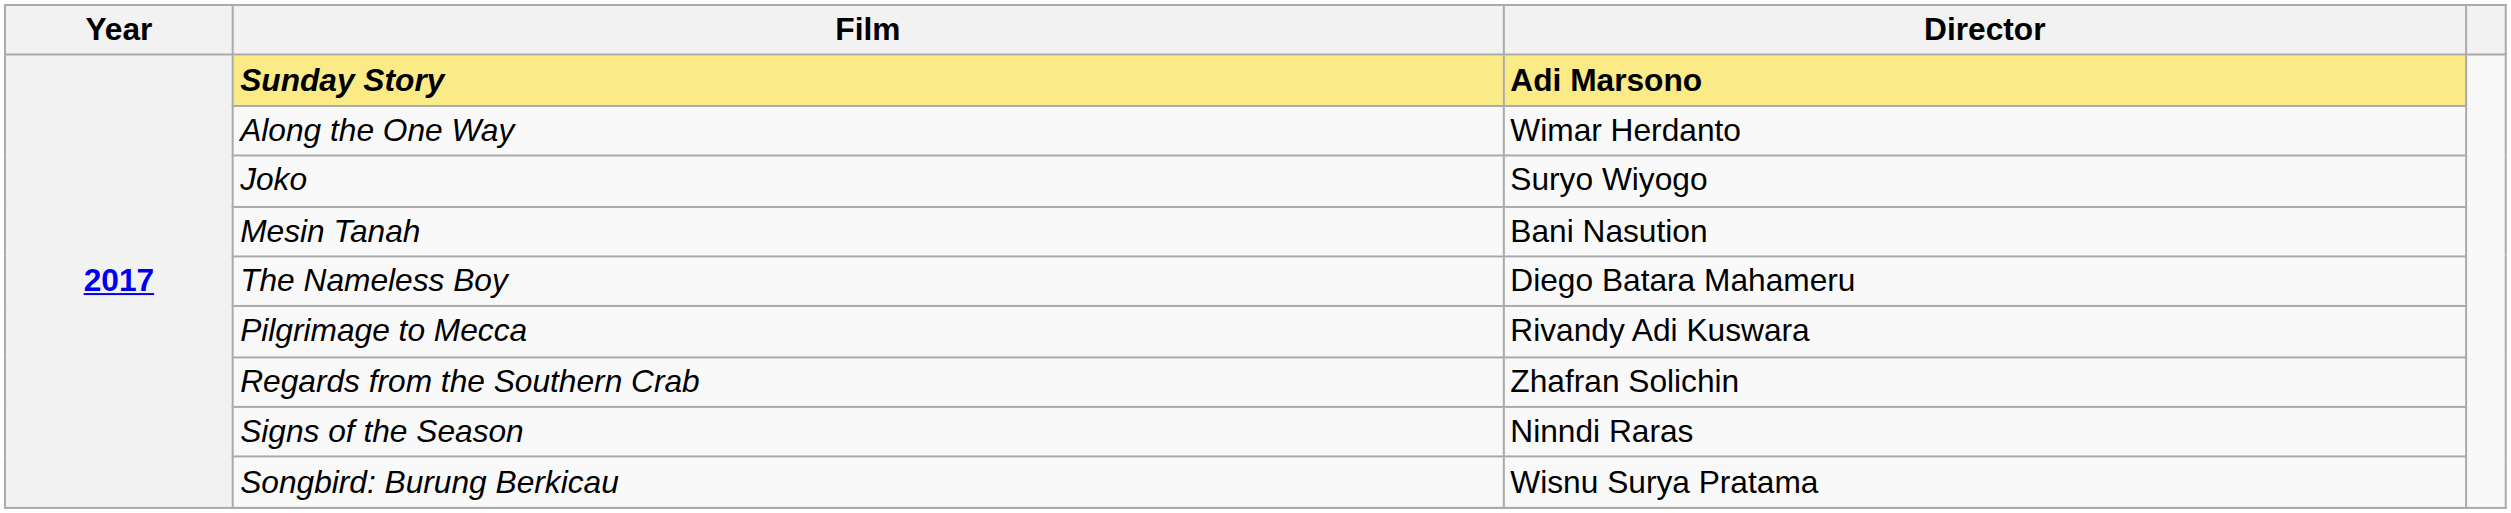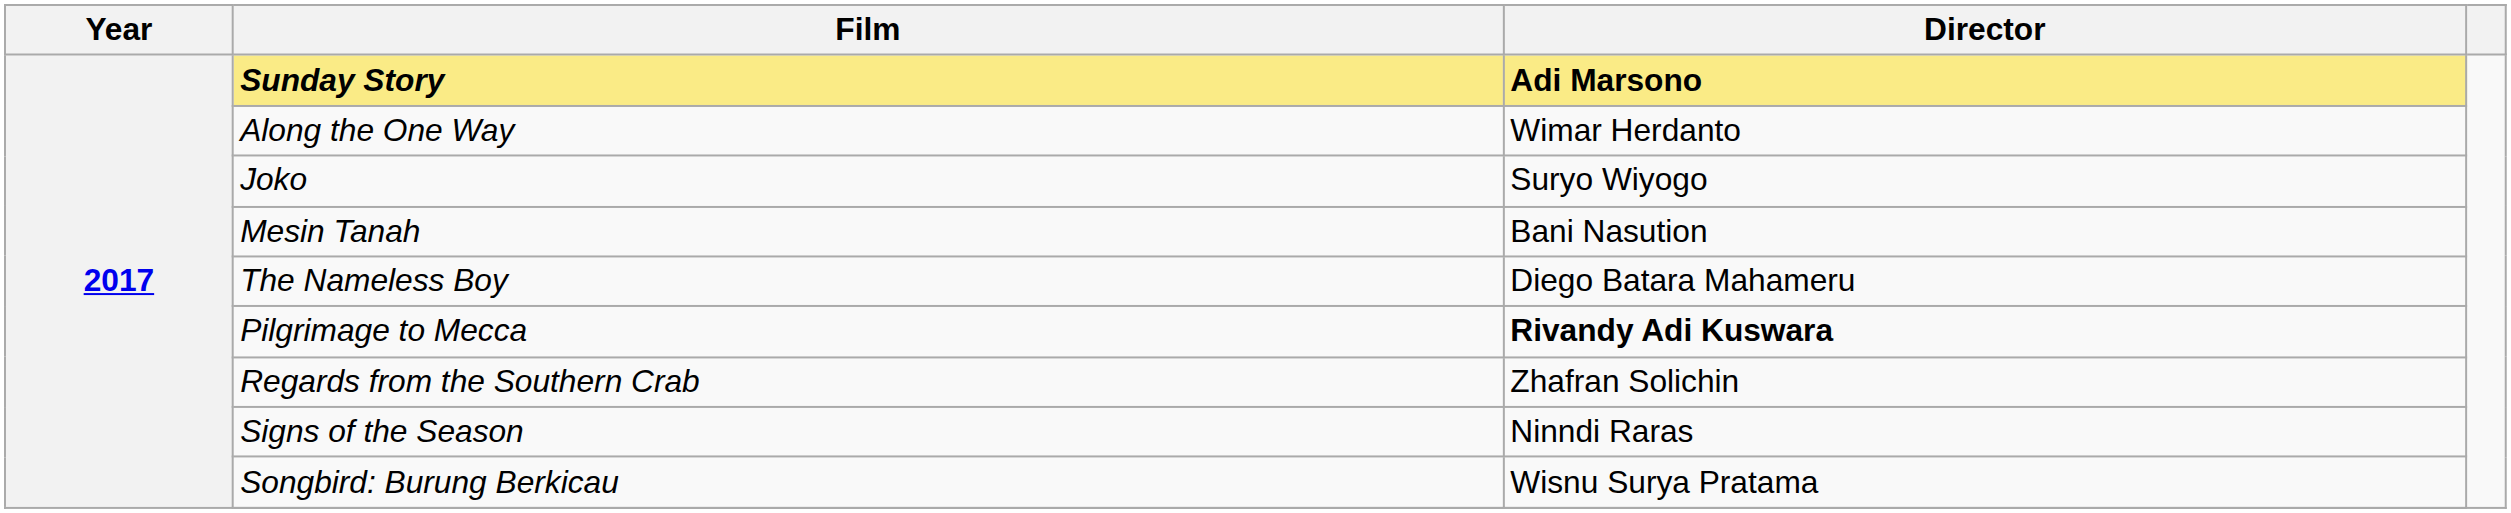 <table class="wikitable" width=100%>
 <tr>
 <th>Year</th>
 <th>Film</th>
 <th>Director</th>
 <th></th>
 </tr>
 <tr>
 <th rowspan="10"><a href='#'>2017</a></th>
 <td style="background:#FAEB86; font-weight:bold;"><em>Sunday Story</em></td>
 <td style="background:#FAEB86; font-weight:bold;">Adi Marsono</td>
 <td align="center" rowspan="10"></td>
 </tr>
 <tr>
 <td><em>Along the One Way</em></td>
 <td>Wimar Herdanto</td>
 </tr>
 <tr>
 <td><em>Joko</em></td>
 <td>Suryo Wiyogo</td>
 </tr>
 <tr>
 <td><em>Mesin Tanah</em></td>
 <td>Bani Nasution</td>
 </tr>
 <tr>
 <td><em>The Nameless Boy</em></td>
 <td>Diego Batara Mahameru</td>
 </tr>
 <tr>
 <td><em>Pilgrimage to Mecca</em></td>
-<td>Rivandy Adi Kuswara</td>
+<td><strong>Rivandy Adi Kuswara</strong></td>
 </tr>
 <tr>
 <td><em>Regards from the Southern Crab</em></td>
 <td>Zhafran Solichin</td>
 </tr>
 <tr>
 <td><em>Signs of the Season</em></td>
 <td>Ninndi Raras</td>
 </tr>
 <tr>
 <td><em>Songbird: Burung Berkicau</em></td>
 <td>Wisnu Surya Pratama</td>
 </tr>
 <tr>
 </tr>
 </table>
